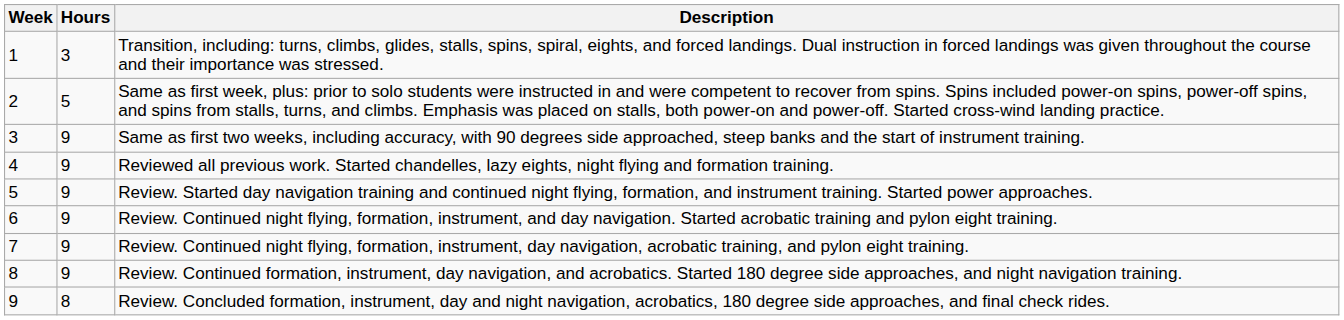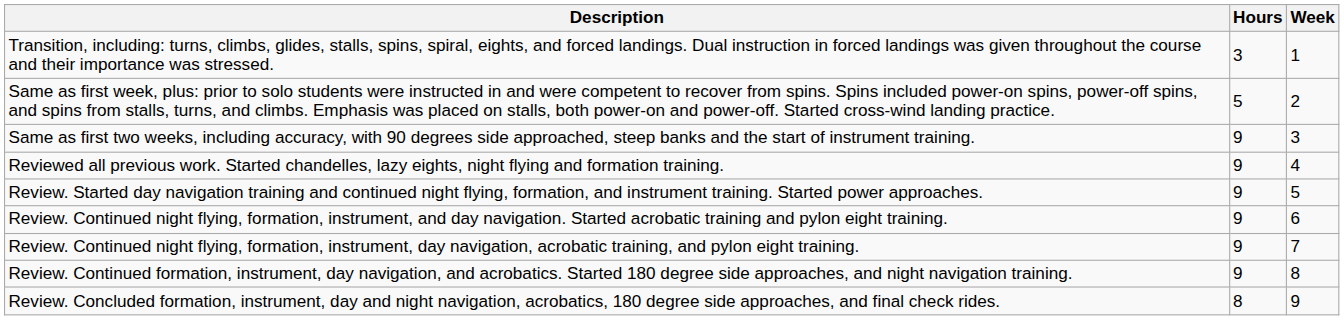 <table class="wikitable">
 <tr>
+<th>Description</th>
+<th>Hours</th>
 <th>Week</th>
-<th>Hours</th>
-<th>Description</th>
 </tr>
 <tr>
+<td>Transition, including: turns, climbs, glides, stalls, spins, spiral, eights, and forced landings.  Dual instruction in forced landings was given throughout the course and their importance was stressed.</td>
+<td>3</td>
 <td>1</td>
-<td>3</td>
-<td>Transition, including: turns, climbs, glides, stalls, spins, spiral, eights, and forced landings.  Dual instruction in forced landings was given throughout the course and their importance was stressed.</td>
 </tr>
 <tr>
+<td>Same as first week, plus: prior to solo students were instructed in and were competent to recover from spins.  Spins included power-on spins, power-off spins, and spins from stalls, turns, and climbs.  Emphasis was placed on stalls, both power-on and power-off.  Started cross-wind landing practice.</td>
+<td>5</td>
 <td>2</td>
-<td>5</td>
-<td>Same as first week, plus: prior to solo students were instructed in and were competent to recover from spins.  Spins included power-on spins, power-off spins, and spins from stalls, turns, and climbs.  Emphasis was placed on stalls, both power-on and power-off.  Started cross-wind landing practice.</td>
 </tr>
 <tr>
+<td>Same as first two weeks, including accuracy, with 90 degrees side approached, steep banks and the start of instrument training.</td>
+<td>9</td>
 <td>3</td>
-<td>9</td>
-<td>Same as first two weeks, including accuracy, with 90 degrees side approached, steep banks and the start of instrument training.</td>
 </tr>
 <tr>
+<td>Reviewed all previous work.  Started chandelles, lazy eights, night flying and formation training.</td>
+<td>9</td>
 <td>4</td>
-<td>9</td>
-<td>Reviewed all previous work.  Started chandelles, lazy eights, night flying and formation training.</td>
 </tr>
 <tr>
+<td>Review.  Started day navigation training and continued night flying, formation, and instrument training.  Started power approaches.</td>
+<td>9</td>
 <td>5</td>
-<td>9</td>
-<td>Review.  Started day navigation training and continued night flying, formation, and instrument training.  Started power approaches.</td>
 </tr>
 <tr>
+<td>Review.  Continued night flying, formation, instrument, and day navigation.  Started acrobatic training and pylon eight training.</td>
+<td>9</td>
 <td>6</td>
-<td>9</td>
-<td>Review.  Continued night flying, formation, instrument, and day navigation.  Started acrobatic training and pylon eight training.</td>
 </tr>
 <tr>
+<td>Review.  Continued night flying, formation, instrument, day navigation, acrobatic training, and pylon eight training.</td>
+<td>9</td>
 <td>7</td>
-<td>9</td>
-<td>Review.  Continued night flying, formation, instrument, day navigation, acrobatic training, and pylon eight training.</td>
 </tr>
 <tr>
+<td>Review.  Continued formation, instrument, day navigation, and acrobatics.  Started 180 degree side approaches, and night navigation training.</td>
+<td>9</td>
+<td>8</td>
+</tr>
+<tr>
+<td>Review.  Concluded formation, instrument, day and night navigation, acrobatics, 180 degree side approaches, and final check rides.</td>
 <td>8</td>
 <td>9</td>
-<td>Review.  Continued formation, instrument, day navigation, and acrobatics.  Started 180 degree side approaches, and night navigation training.</td>
-</tr>
-<tr>
-<td>9</td>
-<td>8</td>
-<td>Review.  Concluded formation, instrument, day and night navigation, acrobatics, 180 degree side approaches, and final check rides.</td>
 </tr>
 </table>
